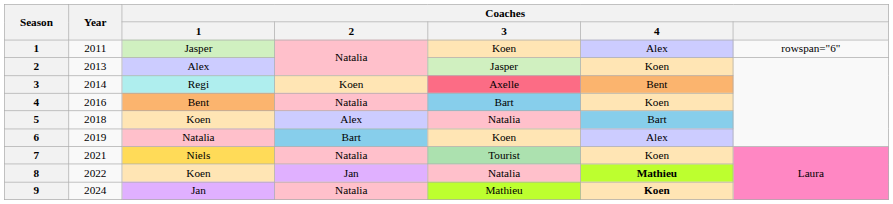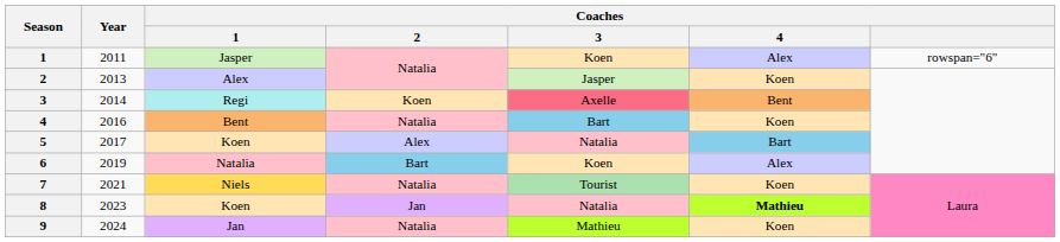 <table class="wikitable collapsible collapsed" style="text-align:center; width:100%">
 <tr>
 <th width="2%" rowspan="2">Season</th>
 <th width="2%" rowspan="2">Year</th>
 <th colspan="5">Coaches</th>
 </tr>
 <tr>
 <th width="7%">1</th>
 <th width="7%">2</th>
 <th width="7%">3</th>
 <th width="7%">4</th>
 <th width="7%"></th>
 </tr>
 <tr>
 <th>1</th>
 <td>2011</td>
 <td style="background:#d0f0c0">Jasper</td>
 <td rowspan="2" style="background:pink">Natalia</td>
 <td style="background:#ffe5b4">Koen</td>
 <td style="background:#ccccff">Alex</td>
 <td>rowspan="6" </td>
 </tr>
 <tr>
 <th>2</th>
 <td>2013</td>
 <td style="background:#ccccff">Alex</td>
 <td style="background:#d0f0c0">Jasper</td>
 <td style="background:#ffe5b4">Koen</td>
 </tr>
 <tr>
 <th>3</th>
 <td>2014</td>
 <td style="background:#afeeee">Regi</td>
 <td style="background:#ffe5b4">Koen</td>
 <td style="background:#FC6C85">Axelle</td>
 <td style="background:#fbb46e">Bent</td>
 </tr>
 <tr>
 <th>4</th>
 <td>2016</td>
 <td style="background:#fbb46e">Bent</td>
 <td style="background:pink">Natalia</td>
 <td style="background:#87ceeb">Bart</td>
 <td style="background:#ffe5b4">Koen</td>
 </tr>
 <tr>
 <th>5</th>
-<td>2018</td>
+<td>2017</td>
 <td style="background:#ffe5b4">Koen</td>
 <td style="background:#ccccff">Alex</td>
 <td style="background:pink">Natalia</td>
 <td style="background:#87ceeb">Bart</td>
 </tr>
 <tr>
 <th>6</th>
 <td>2019</td>
 <td style="background:pink">Natalia</td>
 <td style="background:#87ceeb">Bart</td>
 <td style="background:#ffe5b4">Koen</td>
 <td style="background:#ccccff">Alex</td>
 </tr>
 <tr>
 <th>7</th>
 <td>2021</td>
 <td style="background:#ffdb58">Niels</td>
 <td style="background: Pink">Natalia</td>
 <td style="background:#ace1af">Tourist</td>
 <td style="background:#ffe5b4">Koen</td>
 <td rowspan="3" style="background:#FF87C3">Laura</td>
 </tr>
 <tr>
 <th>8</th>
-<td>2022</td>
+<td>2023</td>
 <td style="background:#ffe5b4">Koen</td>
 <td style="background:#e0b0ff">Jan</td>
 <td style="background:pink">Natalia</td>
 <td style="background:#bdff2f"><strong>Mathieu</strong></td>
 </tr>
 <tr>
 <th>9</th>
 <td>2024</td>
 <td rowspan="2" style="background:#e0b0ff">Jan</td>
 <td style="background: Pink">Natalia</td>
 <td style="background:#bdff2f">Mathieu</td>
-<td style="background:#ffe5b4"><strong>Koen</strong></td>
+<td style="background:#ffe5b4">Koen</td>
 </tr>
 </table>
